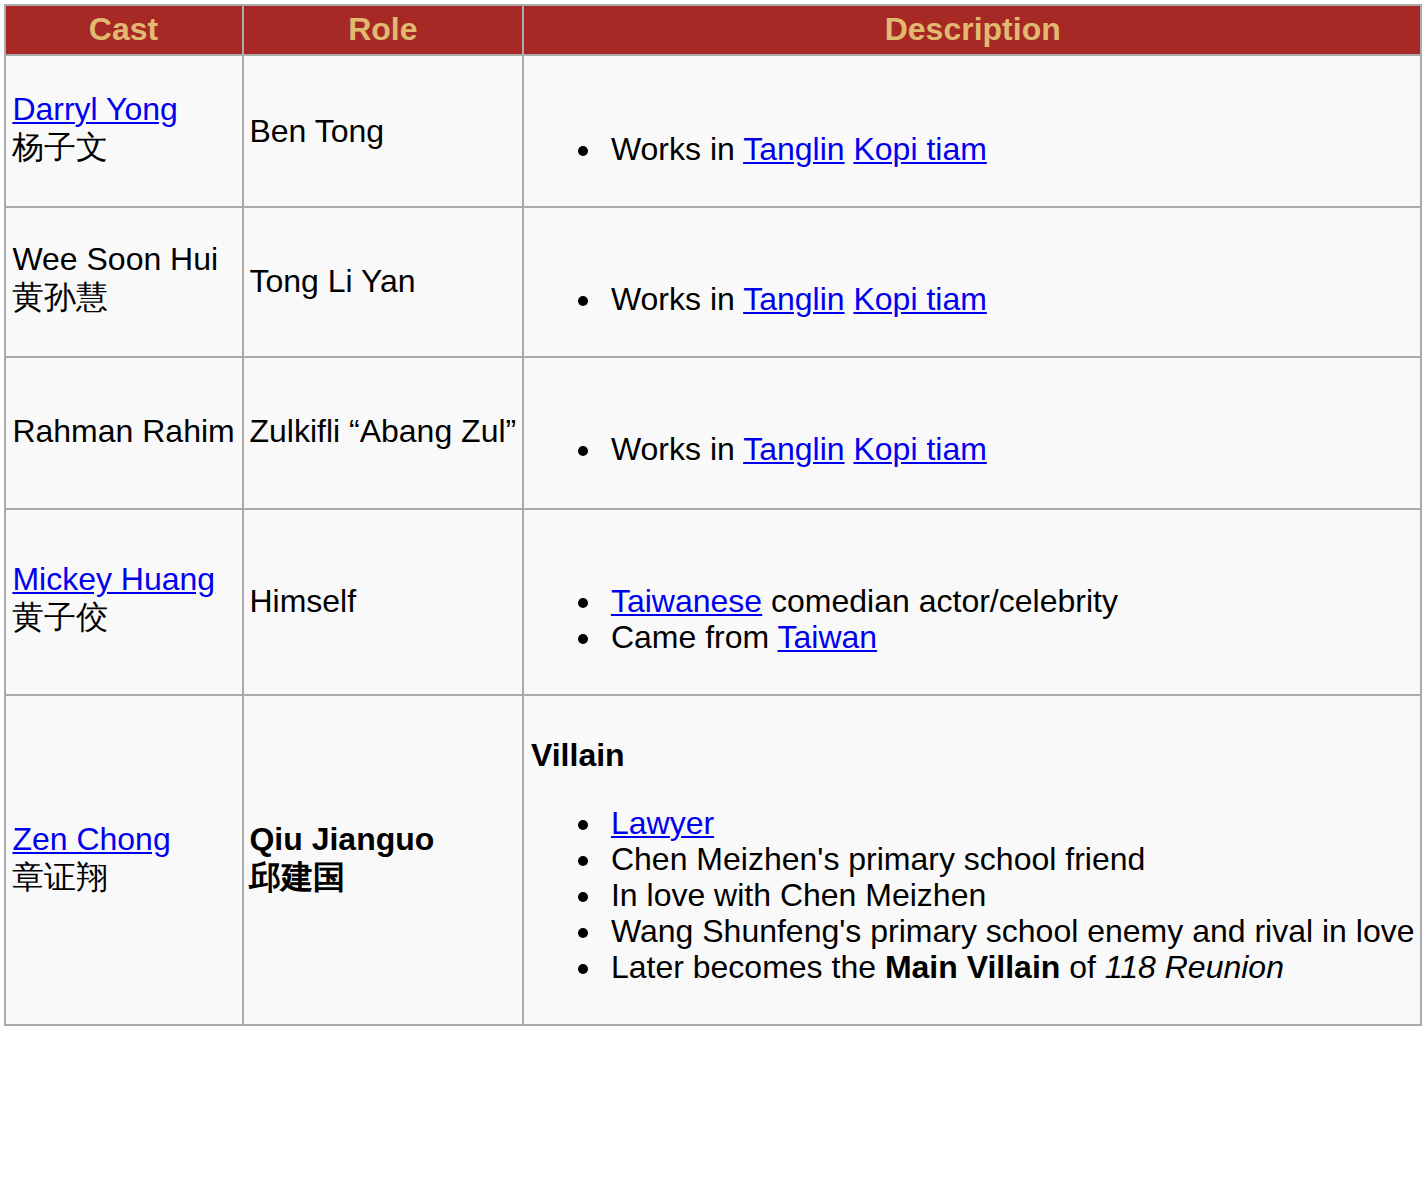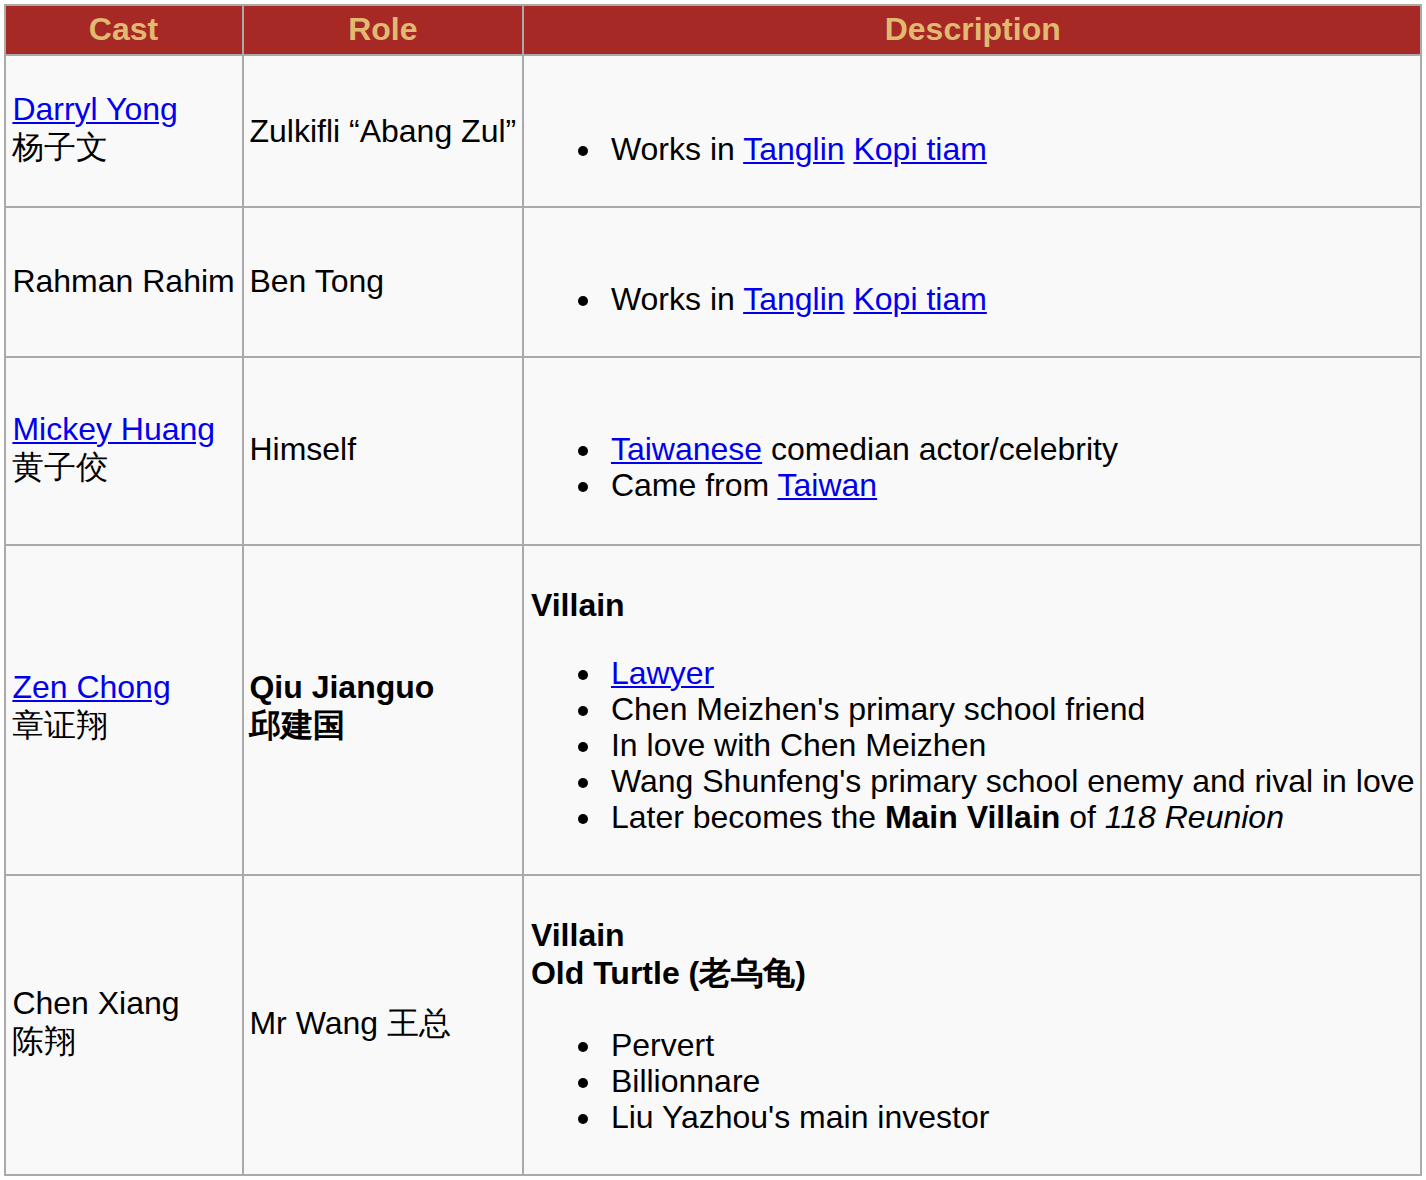 <table class="wikitable">
 <tr>
 <th style="background:#A62925; color:#e1b971;">Cast</th>
 <th style="background:#A62925; color:#e1b971;">Role</th>
 <th style="background:#A62925; color:#e1b971;">Description</th>
 </tr>
 <tr>
 <td><a href='#'>Darryl Yong</a><br>杨子文</td>
-<td>Ben Tong</td>
-<td><br><ul><li>Works in <a href='#'>Tanglin</a> <a href='#'>Kopi tiam</a></li></ul></td>
-</tr>
-<tr>
-<td>Wee Soon Hui<br>黄孙慧</td>
-<td>Tong Li Yan</td>
+<td>Zulkifli “Abang Zul”</td>
 <td><br><ul><li>Works in <a href='#'>Tanglin</a> <a href='#'>Kopi tiam</a></li></ul></td>
 </tr>
 <tr>
 <td>Rahman Rahim</td>
-<td>Zulkifli “Abang Zul”</td>
+<td>Ben Tong</td>
 <td><br><ul><li>Works in <a href='#'>Tanglin</a> <a href='#'>Kopi tiam</a></li></ul></td>
 </tr>
 <tr>
 <td><a href='#'>Mickey Huang</a><br>黄子佼</td>
 <td>Himself</td>
 <td><br><ul><li><a href='#'>Taiwanese</a> comedian actor/celebrity</li><li>Came from <a href='#'>Taiwan</a></li></ul></td>
 </tr>
 <tr>
 <td><a href='#'>Zen Chong</a><br>章证翔</td>
 <td><strong>Qiu Jianguo <br> 邱建国</strong></td>
 <td><br><strong>Villain</strong><ul><li><a href='#'>Lawyer</a></li><li>Chen Meizhen's primary school friend</li><li>In love with Chen Meizhen</li><li>Wang Shunfeng's primary school enemy and rival in love</li><li>Later becomes the <strong>Main Villain</strong> of <em>118 Reunion</em></li></ul></td>
 </tr>
+<tr>
+<td>Chen Xiang<br>陈翔</td>
+<td>Mr Wang 王总</td>
+<td><br><strong>Villain</strong> <br> <strong>Old Turtle (老乌龟)</strong><ul><li>Pervert</li><li>Billionnare</li><li>Liu Yazhou's main investor</li></ul></td>
+</tr>
 </table>
